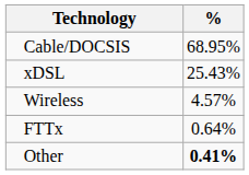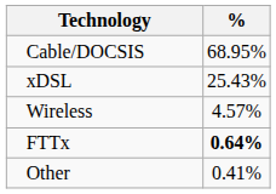 <table class="wikitable" style="margin:1em;">
 <tr>
 <th scope="col">Technology</th>
 <th scope="col">%</th>
 </tr>
 <tr>
 <td style="padding:0 3em 0 1em;">Cable/DOCSIS</td>
 <td style="text-align: center;">68.95%</td>
 </tr>
 <tr>
 <td style="padding:0 3em 0 1em;">xDSL</td>
 <td style="text-align: center;">25.43%</td>
 </tr>
 <tr>
 <td style="padding:0 3em 0 1em;">Wireless</td>
 <td style="text-align: center;">4.57%</td>
 </tr>
 <tr>
 <td style="padding:0 3em 0 1em;">FTTx</td>
-<td style="text-align: center;">0.64%</td>
+<td style="text-align: center;"><strong>0.64%</strong></td>
 </tr>
 <tr>
 <td style="padding:0 3em 0 1em;">Other</td>
-<td style="text-align: center;"><strong>0.41%</strong></td>
+<td style="text-align: center;">0.41%</td>
 </tr>
 </table>
